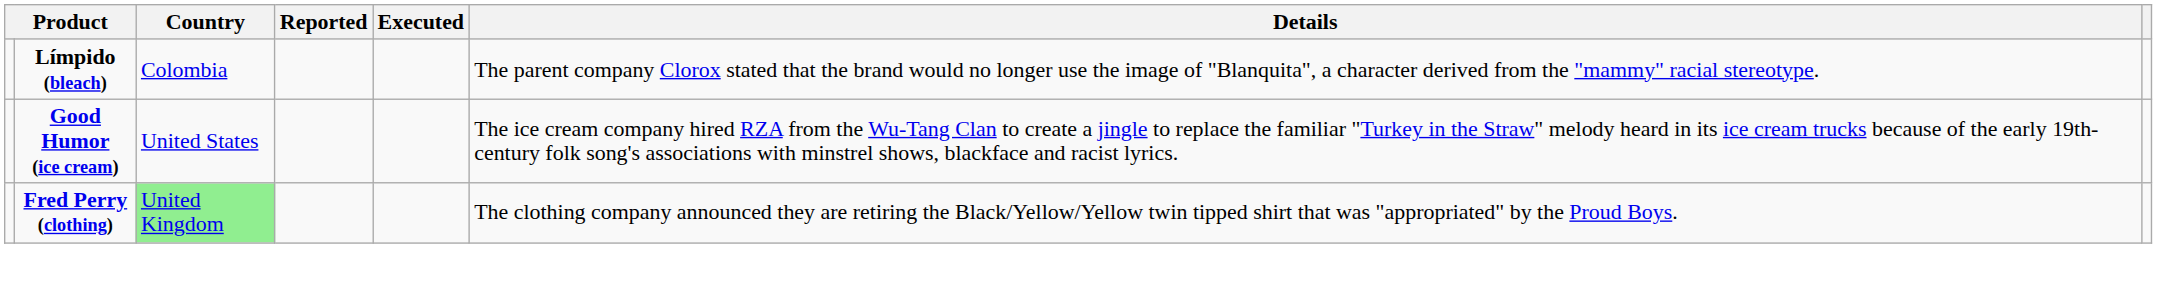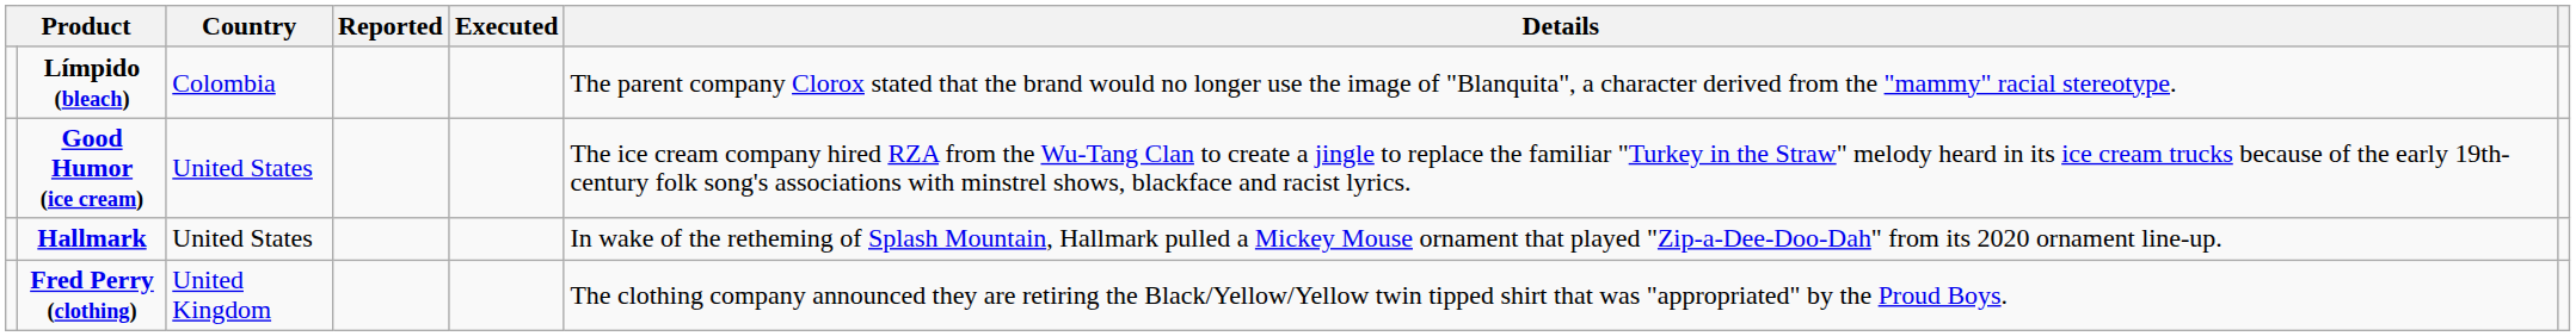 <table class="wikitable sortable" style="text-align:left">
 <tr>
 <th colspan="2">Product</th>
 <th>Country</th>
 <th>Reported</th>
 <th>Executed</th>
 <th>Details</th>
 <th class="unsortable"></th>
 </tr>
 <tr>
 <td></td>
 <td style="text-align: center; font-weight: bold">Límpido<br><small>(<a href='#'>bleach</a>)</small></td>
 <td><a href='#'>Colombia</a></td>
 <td></td>
 <td></td>
 <td>The parent company <a href='#'>Clorox</a> stated that the brand would no longer use the image of "Blanquita", a character derived from the <a href='#'>"mammy" racial stereotype</a>.</td>
 <td></td>
 </tr>
 <tr>
 <td></td>
 <td style="text-align: center; font-weight: bold"><a href='#'>Good Humor</a><br><small>(<a href='#'>ice cream</a>)</small></td>
 <td><a href='#'>United States</a></td>
 <td></td>
 <td></td>
 <td>The ice cream company hired <a href='#'>RZA</a> from the <a href='#'>Wu-Tang Clan</a> to create a <a href='#'>jingle</a> to replace the familiar "<a href='#'>Turkey in the Straw</a>" melody heard in its <a href='#'>ice cream trucks</a> because of the early 19th-century folk song's associations with minstrel shows, blackface and racist lyrics.</td>
 <td><br></td>
 </tr>
 <tr>
 <td></td>
+<td style="text-align: center"><strong><a href='#'>Hallmark</a></strong></td>
+<td>United States</td>
+<td></td>
+<td></td>
+<td>In wake of the retheming of <a href='#'>Splash Mountain</a>, Hallmark pulled a <a href='#'>Mickey Mouse</a> ornament that played "<a href='#'>Zip-a-Dee-Doo-Dah</a>" from its 2020 ornament line-up.</td>
+<td></td>
+</tr>
+<tr>
+<td></td>
 <td style="text-align: center; font-weight: bold"><a href='#'>Fred Perry</a><br><small>(<a href='#'>clothing</a>)</small></td>
-<td style="background: lightgreen;"><a href='#'>United Kingdom</a></td>
+<td><a href='#'>United Kingdom</a></td>
 <td></td>
 <td></td>
 <td>The clothing company announced they are retiring the Black/Yellow/Yellow twin tipped shirt that was "appropriated" by the <a href='#'>Proud Boys</a>.</td>
 <td><br><br></td>
 </tr>
 </table>
